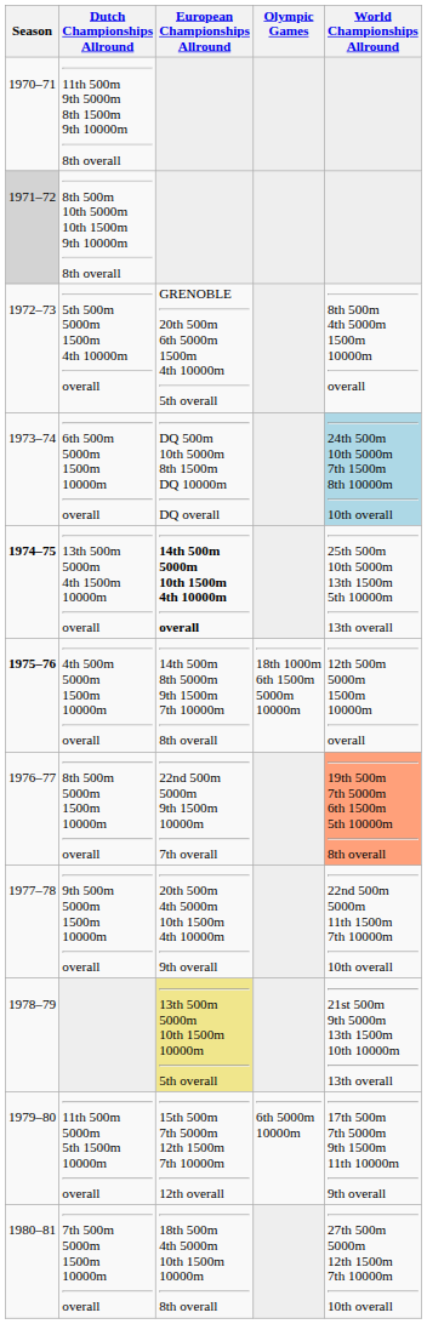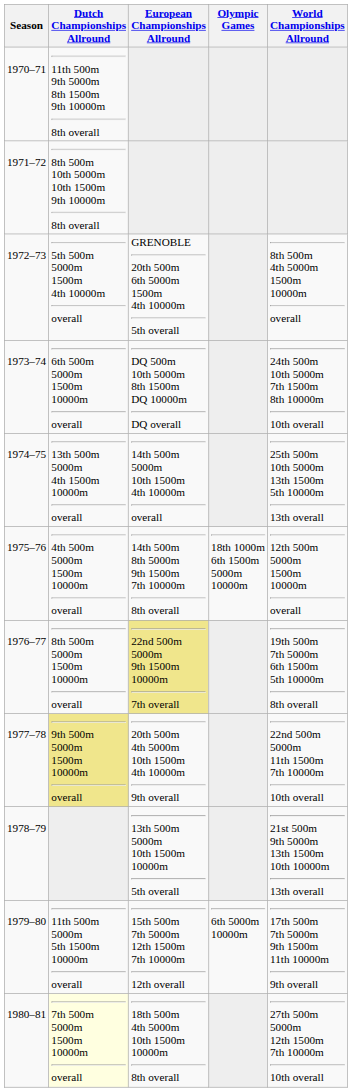 <table class="wikitable">
 <tr style="vertical-align: top;">
 <th><br> Season</th>
 <th><a href='#'>Dutch <br> Championships <br> Allround</a></th>
 <th><a href='#'>European <br> Championships <br> Allround</a></th>
 <th><a href='#'>Olympic <br> Games</a></th>
 <th><a href='#'>World <br> Championships <br> Allround</a></th>
 </tr>
 <tr style="vertical-align: top;">
 <td><br> 1970–71</td>
 <td> <hr> 11th 500m <br> 9th 5000m <br> 8th 1500m <br> 9th 10000m <hr> 8th overall</td>
 <td bgcolor=#EEEEEE></td>
 <td bgcolor=#EEEEEE></td>
 <td bgcolor=#EEEEEE></td>
 </tr>
 <tr style="vertical-align: top;">
-<td style="background: lightgrey;"><br> 1971–72</td>
+<td><br> 1971–72</td>
 <td> <hr> 8th 500m <br> 10th 5000m <br> 10th 1500m <br> 9th 10000m <hr> 8th overall</td>
 <td bgcolor=#EEEEEE></td>
 <td bgcolor=#EEEEEE></td>
 <td bgcolor=#EEEEEE></td>
 </tr>
 <tr style="vertical-align: top;">
 <td><br> 1972–73</td>
 <td> <hr> 5th 500m <br>  5000m <br>  1500m <br> 4th 10000m <hr>  overall</td>
 <td>GRENOBLE <hr> 20th 500m <br> 6th 5000m <br>  1500m <br> 4th 10000m <hr> 5th overall</td>
 <td bgcolor=#EEEEEE></td>
 <td> <hr> 8th 500m <br> 4th 5000m <br>  1500m <br>  10000m <hr>  overall</td>
 </tr>
 <tr style="vertical-align: top;">
 <td><br> 1973–74</td>
 <td> <hr> 6th 500m <br>  5000m <br>  1500m <br>  10000m <hr>  overall</td>
 <td> <hr> DQ 500m <br> 10th 5000m <br> 8th 1500m <br> DQ 10000m <hr> DQ overall</td>
 <td bgcolor=#EEEEEE></td>
-<td style="background: lightblue;"> <hr> 24th 500m <br> 10th 5000m <br> 7th 1500m <br> 8th 10000m <hr> 10th overall</td>
+<td> <hr> 24th 500m <br> 10th 5000m <br> 7th 1500m <br> 8th 10000m <hr> 10th overall</td>
 </tr>
 <tr style="vertical-align: top;">
-<td><strong><br> 1974–75</strong></td>
+<td><br> 1974–75</td>
 <td> <hr> 13th 500m <br>  5000m <br> 4th 1500m <br>  10000m <hr>  overall</td>
-<td><strong> <hr> 14th 500m <br>  5000m <br> 10th 1500m <br> 4th 10000m <hr>  overall</strong></td>
+<td> <hr> 14th 500m <br>  5000m <br> 10th 1500m <br> 4th 10000m <hr>  overall</td>
 <td bgcolor=#EEEEEE></td>
 <td> <hr> 25th 500m <br> 10th 5000m <br> 13th 1500m <br> 5th 10000m <hr> 13th overall</td>
 </tr>
 <tr style="vertical-align: top;">
-<td><strong><br> 1975–76</strong></td>
+<td><br> 1975–76</td>
 <td> <hr> 4th 500m <br>  5000m <br>  1500m <br>  10000m <hr>  overall</td>
 <td> <hr> 14th 500m <br> 8th 5000m <br> 9th 1500m <br> 7th 10000m <hr> 8th overall</td>
 <td> <hr> 18th 1000m <br> 6th 1500m <br>  5000m <br>  10000m</td>
 <td> <hr> 12th 500m <br>  5000m <br> 1500m <br>  10000m <hr>  overall</td>
 </tr>
 <tr style="vertical-align: top;">
 <td><br> 1976–77</td>
 <td> <hr> 8th 500m <br>  5000m <br>  1500m <br>  10000m <hr>  overall</td>
-<td> <hr> 22nd 500m <br>  5000m <br> 9th 1500m <br>  10000m <hr> 7th overall</td>
+<td style="background: khaki;"> <hr> 22nd 500m <br>  5000m <br> 9th 1500m <br>  10000m <hr> 7th overall</td>
 <td bgcolor=#EEEEEE></td>
-<td style="background: lightsalmon;"> <hr> 19th 500m <br> 7th 5000m <br> 6th 1500m <br> 5th 10000m <hr> 8th overall</td>
+<td> <hr> 19th 500m <br> 7th 5000m <br> 6th 1500m <br> 5th 10000m <hr> 8th overall</td>
 </tr>
 <tr style="vertical-align: top;">
 <td><br> 1977–78</td>
-<td> <hr> 9th 500m <br>  5000m <br>  1500m <br>  10000m <hr>  overall</td>
+<td style="background: khaki;"> <hr> 9th 500m <br>  5000m <br>  1500m <br>  10000m <hr>  overall</td>
 <td> <hr> 20th 500m <br> 4th 5000m <br> 10th 1500m <br> 4th 10000m <hr> 9th overall</td>
 <td bgcolor=#EEEEEE></td>
 <td> <hr> 22nd 500m <br>  5000m <br> 11th 1500m <br> 7th 10000m <hr> 10th overall</td>
 </tr>
 <tr style="vertical-align: top;">
 <td><br> 1978–79</td>
 <td bgcolor=#EEEEEE></td>
-<td style="background: khaki;"> <hr> 13th 500m <br>  5000m <br> 10th 1500m <br>  10000m <hr> 5th overall</td>
+<td> <hr> 13th 500m <br>  5000m <br> 10th 1500m <br>  10000m <hr> 5th overall</td>
 <td bgcolor=#EEEEEE></td>
 <td> <hr> 21st 500m <br> 9th 5000m <br> 13th 1500m <br> 10th 10000m <hr> 13th overall</td>
 </tr>
 <tr style="vertical-align: top;">
 <td><br> 1979–80</td>
 <td> <hr> 11th 500m <br>  5000m <br> 5th 1500m <br>  10000m <hr>  overall</td>
 <td> <hr> 15th 500m <br> 7th 5000m <br> 12th 1500m <br> 7th 10000m <hr> 12th overall</td>
 <td> <hr> 6th 5000m <br>  10000m</td>
 <td> <hr> 17th 500m <br> 7th 5000m <br> 9th 1500m <br> 11th 10000m <hr> 9th overall</td>
 </tr>
 <tr style="vertical-align: top;">
 <td><br> 1980–81</td>
-<td> <hr> 7th 500m <br>  5000m <br>  1500m <br>  10000m <hr>  overall</td>
+<td style="background: lightyellow;"> <hr> 7th 500m <br>  5000m <br>  1500m <br>  10000m <hr>  overall</td>
 <td> <hr> 18th 500m <br> 4th 5000m <br> 10th 1500m <br>  10000m <hr> 8th overall</td>
 <td bgcolor=#EEEEEE></td>
 <td> <hr> 27th 500m <br>  5000m <br> 12th 1500m <br> 7th 10000m <hr> 10th overall</td>
 </tr>
 </table>
